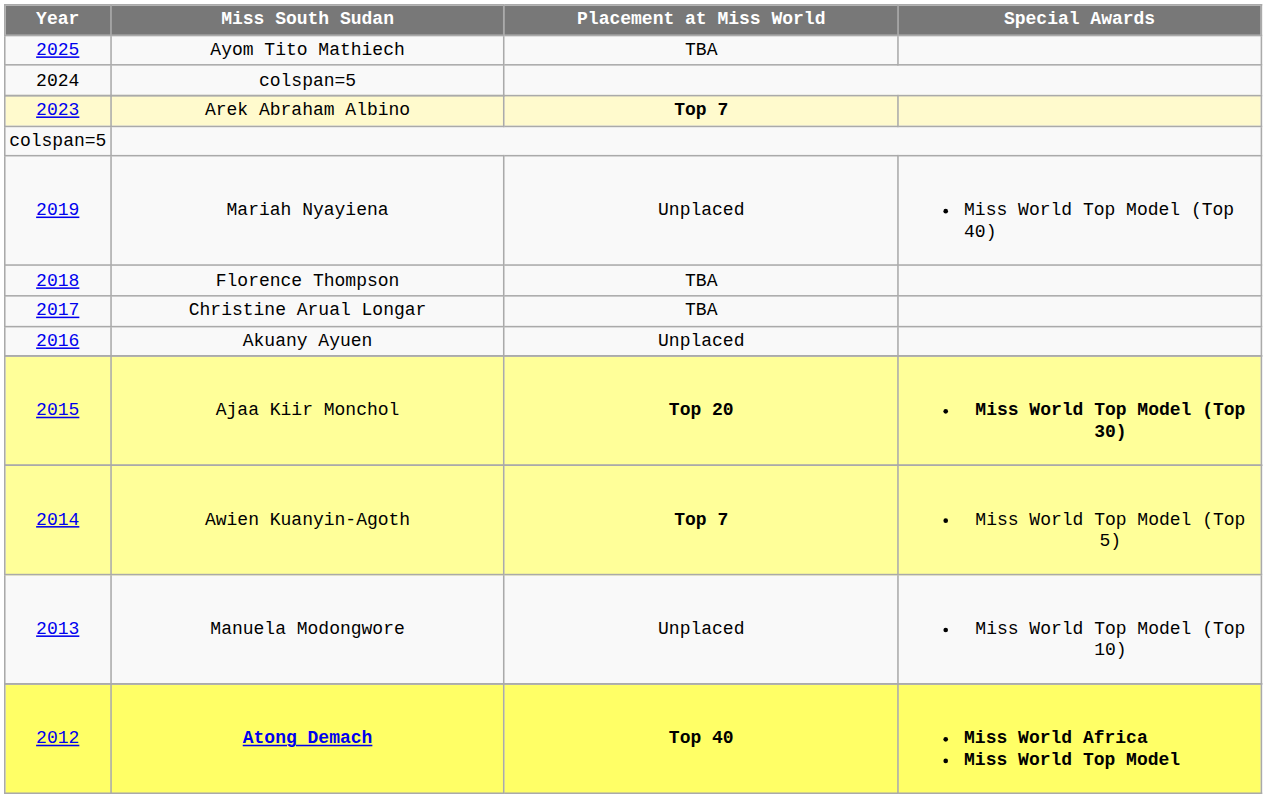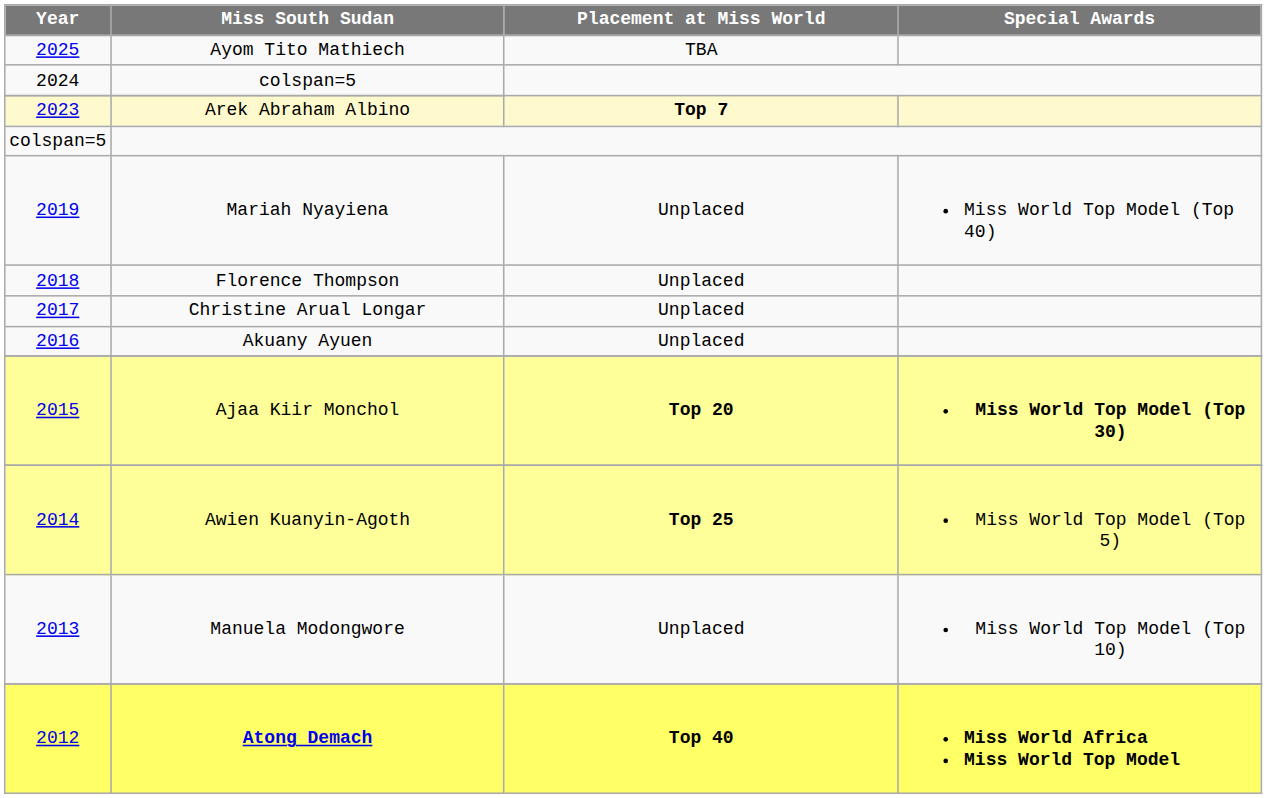 <table class="wikitable" style="font-size: 90%; text-align:center">
 <tr>
 <th width="60" style="background-color:#787878;color:#FFFFFF;">Year</th>
 <th width="250" style="background-color:#787878;color:#FFFFFF;">Miss South Sudan</th>
 <th width="250" style="background-color:#787878;color:#FFFFFF;">Placement at Miss World</th>
 <th width="230" style="background-color:#787878;color:#FFFFFF;">Special Awards</th>
 </tr>
 <tr>
 <td><a href='#'>2025</a></td>
 <td>Ayom Tito Mathiech</td>
 <td>TBA</td>
 <td></td>
 </tr>
 <tr>
 <td>2024</td>
 <td>colspan=5 </td>
 </tr>
 <tr>
 </tr>
 <tr style="background-color:#FFFACD;">
 <td><a href='#'>2023</a></td>
 <td>Arek Abraham Albino</td>
 <td><strong>Top 7</strong></td>
 <td></td>
 </tr>
 <tr>
 <td>colspan=5 </td>
 </tr>
 <tr>
 <td><a href='#'>2019</a></td>
 <td>Mariah Nyayiena</td>
 <td>Unplaced</td>
 <td align="left"><br><ul><li>Miss World Top Model (Top 40)</li></ul></td>
 </tr>
 <tr>
 <td><a href='#'>2018</a></td>
 <td>Florence Thompson</td>
-<td>TBA</td>
+<td>Unplaced</td>
 <td></td>
 </tr>
 <tr>
 <td><a href='#'>2017</a></td>
 <td>Christine Arual Longar</td>
-<td>TBA</td>
+<td>Unplaced</td>
 <td></td>
 </tr>
 <tr>
 <td><a href='#'>2016</a></td>
 <td>Akuany Ayuen</td>
 <td>Unplaced</td>
 <td></td>
 </tr>
 <tr>
 </tr>
 <tr style="background-color:#FFFF99">
 <td><a href='#'>2015</a></td>
 <td>Ajaa Kiir Monchol</td>
 <td><strong>Top 20</strong></td>
 <td><strong><br><ul><li>Miss World Top Model (Top 30)</li></ul></strong></td>
 </tr>
 <tr>
 </tr>
 <tr style="background-color:#FFFF99">
 <td><a href='#'>2014</a></td>
 <td>Awien Kuanyin-Agoth</td>
-<td><strong>Top 7</strong></td>
+<td><strong>Top 25</strong></td>
 <td><br><ul><li>Miss World Top Model (Top 5)</li></ul></td>
 </tr>
 <tr>
 <td><a href='#'>2013</a></td>
 <td>Manuela Modongwore</td>
 <td>Unplaced</td>
 <td><br><ul><li>Miss World Top Model (Top 10)</li></ul></td>
 </tr>
 <tr>
 </tr>
 <tr style="background-color:#FFFF66;">
 <td><a href='#'>2012</a></td>
 <td><strong><a href='#'>Atong Demach</a></strong></td>
 <td><strong>Top 40</strong></td>
 <td align="left"><br><ul><li><strong>Miss World Africa</strong></li><li><strong>Miss World Top Model</strong></li></ul></td>
 </tr>
 </table>
